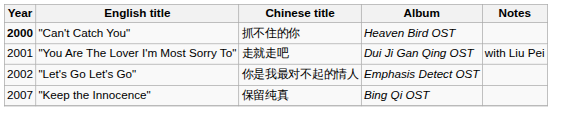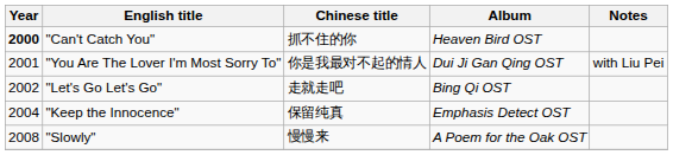 <table class="wikitable sortable">
 <tr>
 <th>Year</th>
 <th>English title</th>
 <th>Chinese title</th>
 <th>Album</th>
 <th>Notes</th>
 </tr>
 <tr>
 <td><strong>2000</strong></td>
 <td>"Can't Catch You"</td>
 <td>抓不住的你</td>
 <td><em>Heaven Bird OST</em></td>
 <td></td>
 </tr>
 <tr>
 <td>2001</td>
 <td>"You Are The Lover I'm Most Sorry To"</td>
-<td>走就走吧</td>
+<td>你是我最对不起的情人</td>
 <td><em>Dui Ji Gan Qing OST</em></td>
 <td>with Liu Pei</td>
 </tr>
 <tr>
 <td>2002</td>
 <td>"Let's Go Let's Go"</td>
-<td>你是我最对不起的情人</td>
+<td>走就走吧</td>
+<td><em>Bing Qi OST</em></td>
+<td></td>
+</tr>
+<tr>
+<td>2004</td>
+<td>"Keep the Innocence"</td>
+<td>保留纯真</td>
 <td><em>Emphasis Detect OST</em></td>
 <td></td>
 </tr>
 <tr>
-<td>2007</td>
-<td>"Keep the Innocence"</td>
-<td>保留纯真</td>
-<td><em>Bing Qi OST</em></td>
+<td>2008</td>
+<td>"Slowly"</td>
+<td>慢慢来</td>
+<td><em>A Poem for the Oak OST</em></td>
 <td></td>
 </tr>
 <tr>
 </tr>
 </table>
